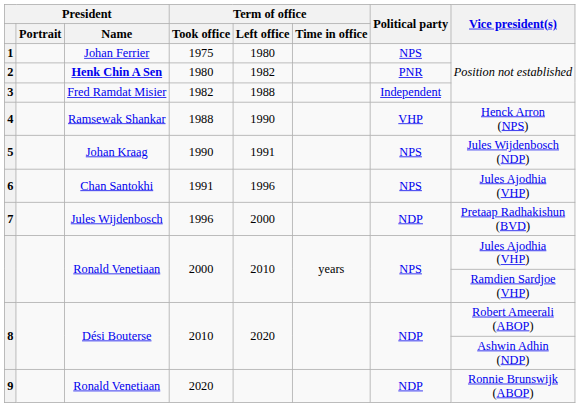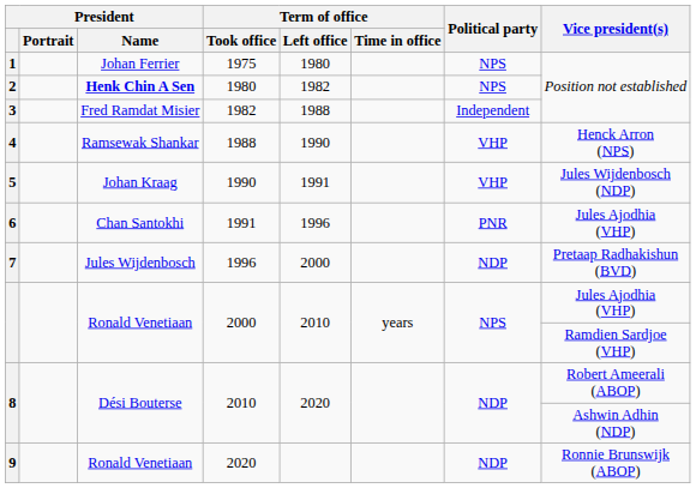 <table class="wikitable" style="text-align:center">
 <tr>
 <th colspan=3>President</th>
 <th colspan=3>Term of office</th>
 <th rowspan=2>Political party</th>
 <th rowspan=2><a href='#'>Vice president(s)</a></th>
 </tr>
 <tr>
 <th></th>
 <th>Portrait</th>
 <th>Name<br></th>
 <th>Took office</th>
 <th>Left office</th>
 <th>Time in office</th>
 </tr>
 <tr>
 <th style="background:">1</th>
 <td></td>
 <td><a href='#'>Johan Ferrier</a><br></td>
 <td> 1975</td>
 <td> 1980<br></td>
 <td></td>
 <td><a href='#'>NPS</a></td>
 <td rowspan=3><em>Position not established</em></td>
 </tr>
 <tr>
 <th style="background:">2</th>
 <td></td>
 <td><strong><a href='#'>Henk Chin A Sen</a><br></strong></td>
 <td> 1980</td>
 <td> 1982<br></td>
 <td></td>
-<td><a href='#'>PNR</a></td>
+<td><a href='#'>NPS</a></td>
 </tr>
 <tr>
 <th style="background:">3</th>
 <td></td>
 <td><a href='#'>Fred Ramdat Misier</a><br></td>
 <td> 1982</td>
 <td> 1988</td>
 <td></td>
 <td><a href='#'>Independent</a></td>
 </tr>
 <tr>
 <th style="background:">4</th>
 <td></td>
 <td><a href='#'>Ramsewak Shankar</a><br></td>
 <td> 1988</td>
 <td> 1990<br></td>
 <td></td>
 <td><a href='#'>VHP</a></td>
 <td><a href='#'>Henck Arron</a><br>(<a href='#'>NPS</a>)</td>
 </tr>
 <tr>
 <th style="background:">5</th>
 <td></td>
 <td><a href='#'>Johan Kraag</a><br></td>
 <td> 1990</td>
 <td> 1991</td>
 <td></td>
-<td><a href='#'>NPS</a></td>
+<td><a href='#'>VHP</a></td>
 <td><a href='#'>Jules Wijdenbosch</a><br>(<a href='#'>NDP</a>)</td>
 </tr>
 <tr>
 <th style="background:">6</th>
 <td></td>
 <td><a href='#'>Chan Santokhi</a><br></td>
 <td> 1991</td>
 <td> 1996</td>
 <td></td>
-<td><a href='#'>NPS</a></td>
+<td><a href='#'>PNR</a></td>
 <td><a href='#'>Jules Ajodhia</a><br>(<a href='#'>VHP</a>)</td>
 </tr>
 <tr>
 <th style="background:">7</th>
 <td></td>
 <td><a href='#'>Jules Wijdenbosch</a><br></td>
 <td> 1996</td>
 <td> 2000</td>
 <td></td>
 <td><a href='#'>NDP</a></td>
 <td><a href='#'>Pretaap Radhakishun</a><br>(<a href='#'>BVD</a>)</td>
 </tr>
 <tr>
 <th rowspan=2 style="background:"></th>
 <td rowspan=2></td>
 <td rowspan=2><a href='#'>Ronald Venetiaan</a><br></td>
 <td rowspan=2> 2000</td>
 <td rowspan=2> 2010</td>
 <td rowspan=2> years</td>
 <td rowspan=2><a href='#'>NPS</a></td>
 <td><a href='#'>Jules Ajodhia</a><br>(<a href='#'>VHP</a>)</td>
 </tr>
 <tr>
 <td><a href='#'>Ramdien Sardjoe</a><br>(<a href='#'>VHP</a>)</td>
 </tr>
 <tr>
 <th rowspan=2 style="background:">8</th>
 <td rowspan=2></td>
 <td rowspan=2><a href='#'>Dési Bouterse</a><br></td>
 <td rowspan=2> 2010</td>
 <td rowspan=2> 2020</td>
 <td rowspan=2></td>
 <td rowspan=2><a href='#'>NDP</a></td>
 <td><a href='#'>Robert Ameerali</a><br>(<a href='#'>ABOP</a>)</td>
 </tr>
 <tr>
 <td><a href='#'>Ashwin Adhin</a><br>(<a href='#'>NDP</a>)</td>
 </tr>
 <tr>
 <th style="background:">9</th>
 <td></td>
 <td><a href='#'>Ronald Venetiaan</a><br></td>
 <td> 2020</td>
 <td></td>
 <td><br></td>
 <td><a href='#'>NDP</a></td>
 <td><a href='#'>Ronnie Brunswijk</a><br>(<a href='#'>ABOP</a>)</td>
 </tr>
 </table>
